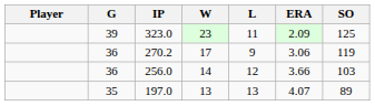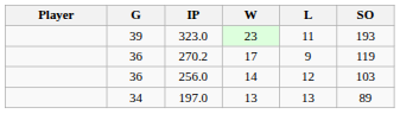 <table class="wikitable sortable">
 <tr>
 <th bgcolor="#DDDDFF" width="16%">Player</th>
 <th bgcolor="#DDDDFF" width="9%">G</th>
 <th bgcolor="#DDDDFF" width="9%">IP</th>
 <th bgcolor="#DDDDFF" width="9%">W</th>
 <th bgcolor="#DDDDFF" width="9%">L</th>
-<th bgcolor="#DDDDFF" width="9%">ERA</th>
 <th bgcolor="#DDDDFF" width="9%">SO</th>
 </tr>
 <tr align="center">
 <td></td>
 <td>39</td>
 <td>323.0</td>
 <td style="background:#DDFFDD;">23</td>
 <td>11</td>
-<td style="background:#DDFFDD;">2.09</td>
-<td>125</td>
+<td>193</td>
 </tr>
 <tr align="center">
 <td></td>
 <td>36</td>
 <td>270.2</td>
 <td>17</td>
 <td>9</td>
-<td>3.06</td>
 <td>119</td>
 </tr>
 <tr align=center>
 <td></td>
 <td>36</td>
 <td>256.0</td>
 <td>14</td>
 <td>12</td>
-<td>3.66</td>
 <td>103</td>
 </tr>
 <tr align="center">
 <td></td>
-<td>35</td>
+<td>34</td>
 <td>197.0</td>
 <td>13</td>
 <td>13</td>
-<td>4.07</td>
 <td>89</td>
 </tr>
 </table>
